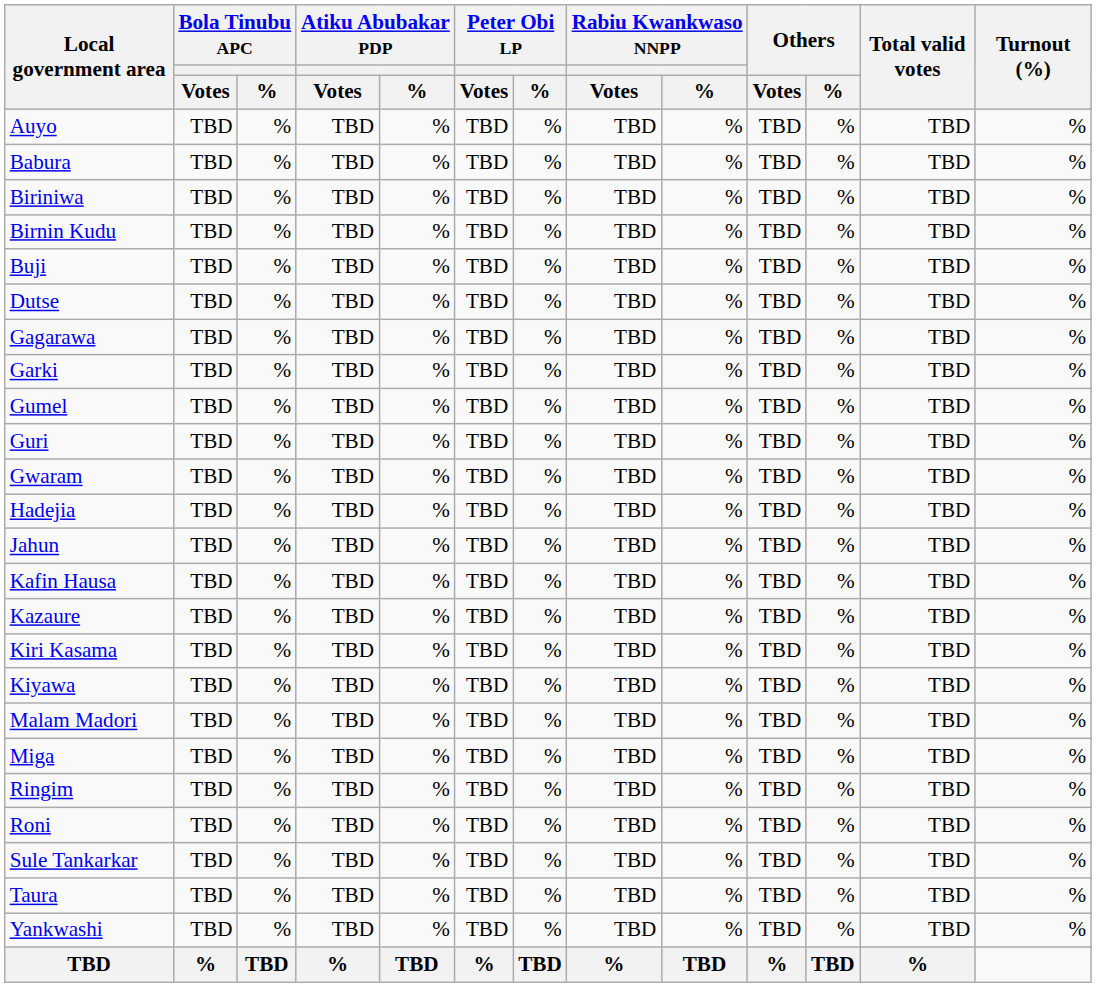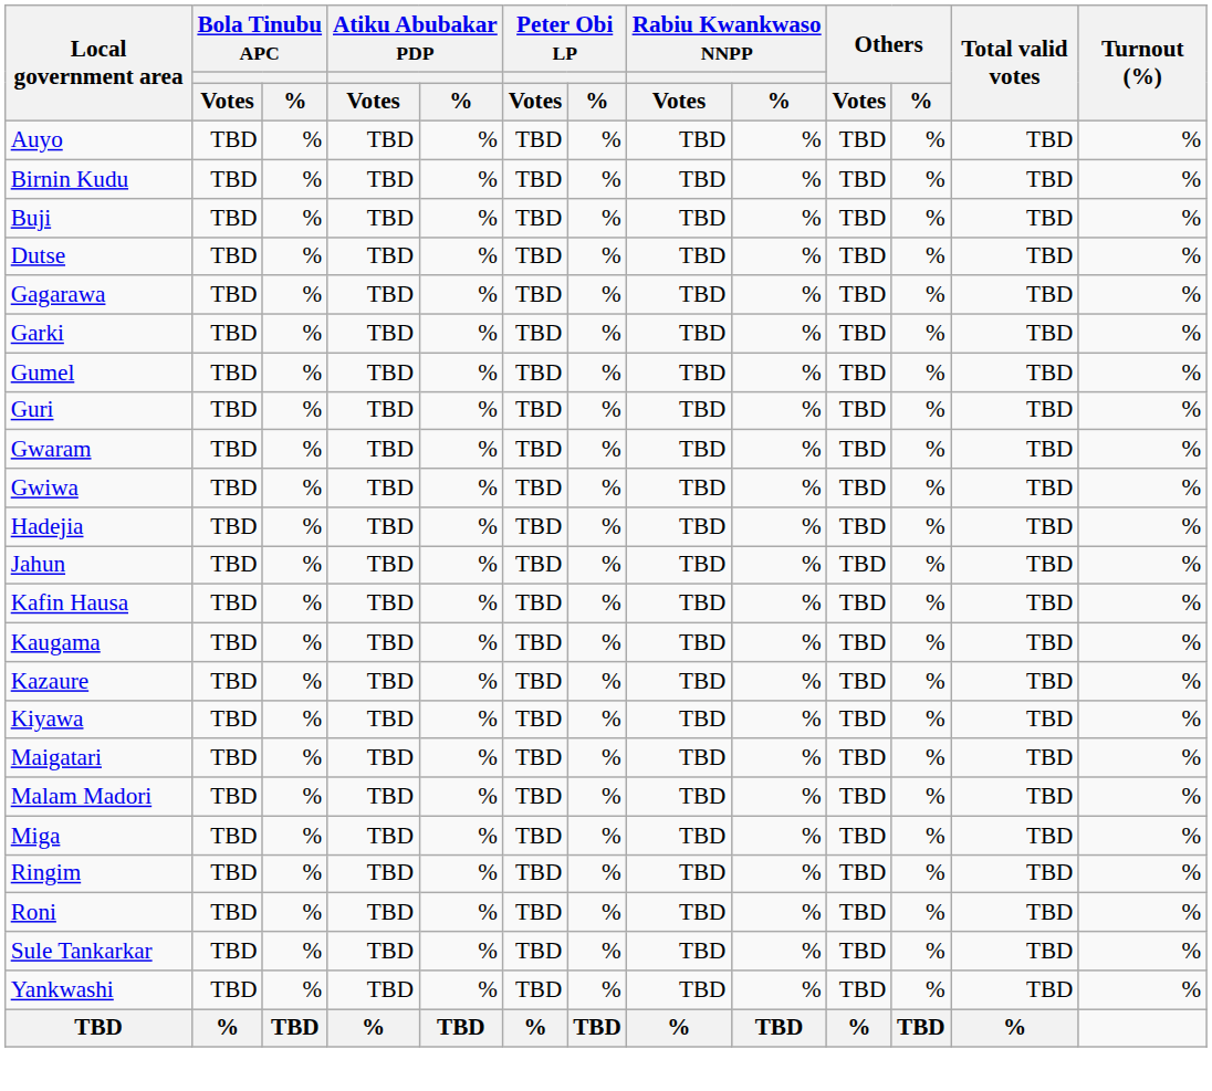 <table class="wikitable sortable" style="text-align:right; font-size:90%">
 <tr>
 <th rowspan="3" style="max-width:7.5em;">Local government area</th>
 <th colspan="2"><a href='#'>Bola Tinubu</a><br><small>APC</small></th>
 <th colspan="2"><a href='#'>Atiku Abubakar</a><br><small>PDP</small></th>
 <th colspan="2"><a href='#'>Peter Obi</a><br><small>LP</small></th>
 <th colspan="2"><a href='#'>Rabiu Kwankwaso</a><br><small>NNPP</small></th>
 <th colspan="2" rowspan="2">Others</th>
 <th rowspan="3" style="max-width:5em;">Total valid votes</th>
 <th rowspan="3" style="max-width:5em;">Turnout (%)</th>
 </tr>
 <tr>
 <th colspan=2 style="background-color:"></th>
 <th colspan=2 style="background-color:"></th>
 <th colspan=2 style="background-color:"></th>
 <th colspan=2 style="background-color:"></th>
 </tr>
 <tr>
 <th>Votes</th>
 <th>%</th>
 <th>Votes</th>
 <th>%</th>
 <th>Votes</th>
 <th>%</th>
 <th>Votes</th>
 <th>%</th>
 <th>Votes</th>
 <th>%</th>
 </tr>
 <tr style="background-color:#">
 <td style="text-align:left;"><a href='#'>Auyo</a></td>
-<td>TBD</td>
-<td>%</td>
-<td>TBD</td>
-<td>%</td>
-<td>TBD</td>
-<td>%</td>
-<td>TBD</td>
-<td>%</td>
-<td>TBD</td>
-<td>%</td>
-<td>TBD</td>
-<td>%</td>
-</tr>
-<tr style="background-color:#">
-<td style="text-align:left;"><a href='#'>Babura</a></td>
-<td>TBD</td>
-<td>%</td>
-<td>TBD</td>
-<td>%</td>
-<td>TBD</td>
-<td>%</td>
-<td>TBD</td>
-<td>%</td>
-<td>TBD</td>
-<td>%</td>
-<td>TBD</td>
-<td>%</td>
-</tr>
-<tr style="background-color:#">
-<td style="text-align:left;"><a href='#'>Biriniwa</a></td>
 <td>TBD</td>
 <td>%</td>
 <td>TBD</td>
 <td>%</td>
 <td>TBD</td>
 <td>%</td>
 <td>TBD</td>
 <td>%</td>
 <td>TBD</td>
 <td>%</td>
 <td>TBD</td>
 <td>%</td>
 </tr>
 <tr style="background-color:#">
 <td style="text-align:left;"><a href='#'>Birnin Kudu</a></td>
 <td>TBD</td>
 <td>%</td>
 <td>TBD</td>
 <td>%</td>
 <td>TBD</td>
 <td>%</td>
 <td>TBD</td>
 <td>%</td>
 <td>TBD</td>
 <td>%</td>
 <td>TBD</td>
 <td>%</td>
 </tr>
 <tr style="background-color:#">
 <td style="text-align:left;"><a href='#'>Buji</a></td>
 <td>TBD</td>
 <td>%</td>
 <td>TBD</td>
 <td>%</td>
 <td>TBD</td>
 <td>%</td>
 <td>TBD</td>
 <td>%</td>
 <td>TBD</td>
 <td>%</td>
 <td>TBD</td>
 <td>%</td>
 </tr>
 <tr style="background-color:#">
 <td style="text-align:left;"><a href='#'>Dutse</a></td>
 <td>TBD</td>
 <td>%</td>
 <td>TBD</td>
 <td>%</td>
 <td>TBD</td>
 <td>%</td>
 <td>TBD</td>
 <td>%</td>
 <td>TBD</td>
 <td>%</td>
 <td>TBD</td>
 <td>%</td>
 </tr>
 <tr style="background-color:#">
 <td style="text-align:left;"><a href='#'>Gagarawa</a></td>
 <td>TBD</td>
 <td>%</td>
 <td>TBD</td>
 <td>%</td>
 <td>TBD</td>
 <td>%</td>
 <td>TBD</td>
 <td>%</td>
 <td>TBD</td>
 <td>%</td>
 <td>TBD</td>
 <td>%</td>
 </tr>
 <tr style="background-color:#">
 <td style="text-align:left;"><a href='#'>Garki</a></td>
 <td>TBD</td>
 <td>%</td>
 <td>TBD</td>
 <td>%</td>
 <td>TBD</td>
 <td>%</td>
 <td>TBD</td>
 <td>%</td>
 <td>TBD</td>
 <td>%</td>
 <td>TBD</td>
 <td>%</td>
 </tr>
 <tr style="background-color:#">
 <td style="text-align:left;"><a href='#'>Gumel</a></td>
 <td>TBD</td>
 <td>%</td>
 <td>TBD</td>
 <td>%</td>
 <td>TBD</td>
 <td>%</td>
 <td>TBD</td>
 <td>%</td>
 <td>TBD</td>
 <td>%</td>
 <td>TBD</td>
 <td>%</td>
 </tr>
 <tr style="background-color:#">
 <td style="text-align:left;"><a href='#'>Guri</a></td>
 <td>TBD</td>
 <td>%</td>
 <td>TBD</td>
 <td>%</td>
 <td>TBD</td>
 <td>%</td>
 <td>TBD</td>
 <td>%</td>
 <td>TBD</td>
 <td>%</td>
 <td>TBD</td>
 <td>%</td>
 </tr>
 <tr style="background-color:#">
 <td style="text-align:left;"><a href='#'>Gwaram</a></td>
 <td>TBD</td>
 <td>%</td>
 <td>TBD</td>
 <td>%</td>
 <td>TBD</td>
 <td>%</td>
 <td>TBD</td>
 <td>%</td>
 <td>TBD</td>
 <td>%</td>
 <td>TBD</td>
 <td>%</td>
 </tr>
 <tr style="background-color:#">
+<td style="text-align:left;"><a href='#'>Gwiwa</a></td>
+<td>TBD</td>
+<td>%</td>
+<td>TBD</td>
+<td>%</td>
+<td>TBD</td>
+<td>%</td>
+<td>TBD</td>
+<td>%</td>
+<td>TBD</td>
+<td>%</td>
+<td>TBD</td>
+<td>%</td>
+</tr>
+<tr style="background-color:#">
 <td style="text-align:left;"><a href='#'>Hadejia</a></td>
 <td>TBD</td>
 <td>%</td>
 <td>TBD</td>
 <td>%</td>
 <td>TBD</td>
 <td>%</td>
 <td>TBD</td>
 <td>%</td>
 <td>TBD</td>
 <td>%</td>
 <td>TBD</td>
 <td>%</td>
 </tr>
 <tr style="background-color:#">
 <td style="text-align:left;"><a href='#'>Jahun</a></td>
 <td>TBD</td>
 <td>%</td>
 <td>TBD</td>
 <td>%</td>
 <td>TBD</td>
 <td>%</td>
 <td>TBD</td>
 <td>%</td>
 <td>TBD</td>
 <td>%</td>
 <td>TBD</td>
 <td>%</td>
 </tr>
 <tr style="background-color:#">
 <td style="text-align:left;"><a href='#'>Kafin Hausa</a></td>
 <td>TBD</td>
 <td>%</td>
 <td>TBD</td>
 <td>%</td>
 <td>TBD</td>
 <td>%</td>
 <td>TBD</td>
 <td>%</td>
 <td>TBD</td>
 <td>%</td>
 <td>TBD</td>
 <td>%</td>
 </tr>
 <tr style="background-color:#">
+<td style="text-align:left;"><a href='#'>Kaugama</a></td>
+<td>TBD</td>
+<td>%</td>
+<td>TBD</td>
+<td>%</td>
+<td>TBD</td>
+<td>%</td>
+<td>TBD</td>
+<td>%</td>
+<td>TBD</td>
+<td>%</td>
+<td>TBD</td>
+<td>%</td>
+</tr>
+<tr style="background-color:#">
 <td style="text-align:left;"><a href='#'>Kazaure</a></td>
 <td>TBD</td>
 <td>%</td>
 <td>TBD</td>
 <td>%</td>
 <td>TBD</td>
 <td>%</td>
 <td>TBD</td>
 <td>%</td>
 <td>TBD</td>
 <td>%</td>
 <td>TBD</td>
 <td>%</td>
 </tr>
 <tr style="background-color:#">
-<td style="text-align:left;"><a href='#'>Kiri Kasama</a></td>
+<td style="text-align:left;"><a href='#'>Kiyawa</a></td>
 <td>TBD</td>
 <td>%</td>
 <td>TBD</td>
 <td>%</td>
 <td>TBD</td>
 <td>%</td>
 <td>TBD</td>
 <td>%</td>
 <td>TBD</td>
 <td>%</td>
 <td>TBD</td>
 <td>%</td>
 </tr>
 <tr style="background-color:#">
-<td style="text-align:left;"><a href='#'>Kiyawa</a></td>
+<td style="text-align:left;"><a href='#'>Maigatari</a></td>
 <td>TBD</td>
 <td>%</td>
 <td>TBD</td>
 <td>%</td>
 <td>TBD</td>
 <td>%</td>
 <td>TBD</td>
 <td>%</td>
 <td>TBD</td>
 <td>%</td>
 <td>TBD</td>
 <td>%</td>
 </tr>
 <tr style="background-color:#">
 <td style="text-align:left;"><a href='#'>Malam Madori</a></td>
 <td>TBD</td>
 <td>%</td>
 <td>TBD</td>
 <td>%</td>
 <td>TBD</td>
 <td>%</td>
 <td>TBD</td>
 <td>%</td>
 <td>TBD</td>
 <td>%</td>
 <td>TBD</td>
 <td>%</td>
 </tr>
 <tr style="background-color:#">
 <td style="text-align:left;"><a href='#'>Miga</a></td>
 <td>TBD</td>
 <td>%</td>
 <td>TBD</td>
 <td>%</td>
 <td>TBD</td>
 <td>%</td>
 <td>TBD</td>
 <td>%</td>
 <td>TBD</td>
 <td>%</td>
 <td>TBD</td>
 <td>%</td>
 </tr>
 <tr style="background-color:#">
 <td style="text-align:left;"><a href='#'>Ringim</a></td>
 <td>TBD</td>
 <td>%</td>
 <td>TBD</td>
 <td>%</td>
 <td>TBD</td>
 <td>%</td>
 <td>TBD</td>
 <td>%</td>
 <td>TBD</td>
 <td>%</td>
 <td>TBD</td>
 <td>%</td>
 </tr>
 <tr style="background-color:#">
 <td style="text-align:left;"><a href='#'>Roni</a></td>
 <td>TBD</td>
 <td>%</td>
 <td>TBD</td>
 <td>%</td>
 <td>TBD</td>
 <td>%</td>
 <td>TBD</td>
 <td>%</td>
 <td>TBD</td>
 <td>%</td>
 <td>TBD</td>
 <td>%</td>
 </tr>
 <tr style="background-color:#">
 <td style="text-align:left;"><a href='#'>Sule Tankarkar</a></td>
 <td>TBD</td>
 <td>%</td>
 <td>TBD</td>
 <td>%</td>
 <td>TBD</td>
 <td>%</td>
 <td>TBD</td>
 <td>%</td>
 <td>TBD</td>
 <td>%</td>
 <td>TBD</td>
 <td>%</td>
 </tr>
 <tr style="background-color:#">
-<td style="text-align:left;"><a href='#'>Taura</a></td>
-<td>TBD</td>
-<td>%</td>
-<td>TBD</td>
-<td>%</td>
-<td>TBD</td>
-<td>%</td>
-<td>TBD</td>
-<td>%</td>
-<td>TBD</td>
-<td>%</td>
-<td>TBD</td>
-<td>%</td>
-</tr>
-<tr style="background-color:#">
 <td style="text-align:left;"><a href='#'>Yankwashi</a></td>
 <td>TBD</td>
 <td>%</td>
 <td>TBD</td>
 <td>%</td>
 <td>TBD</td>
 <td>%</td>
 <td>TBD</td>
 <td>%</td>
 <td>TBD</td>
 <td>%</td>
 <td>TBD</td>
 <td>%</td>
 </tr>
 <tr>
 <th>TBD</th>
 <th>%</th>
 <th>TBD</th>
 <th>%</th>
 <th>TBD</th>
 <th>%</th>
 <th>TBD</th>
 <th>%</th>
 <th>TBD</th>
 <th>%</th>
 <th>TBD</th>
 <th>%</th>
 </tr>
 </table>
